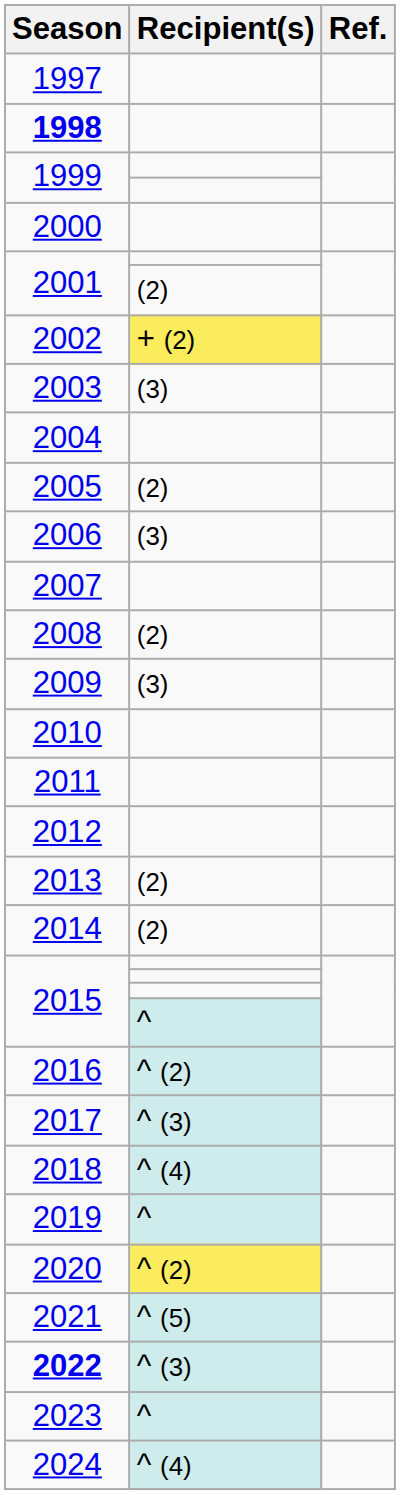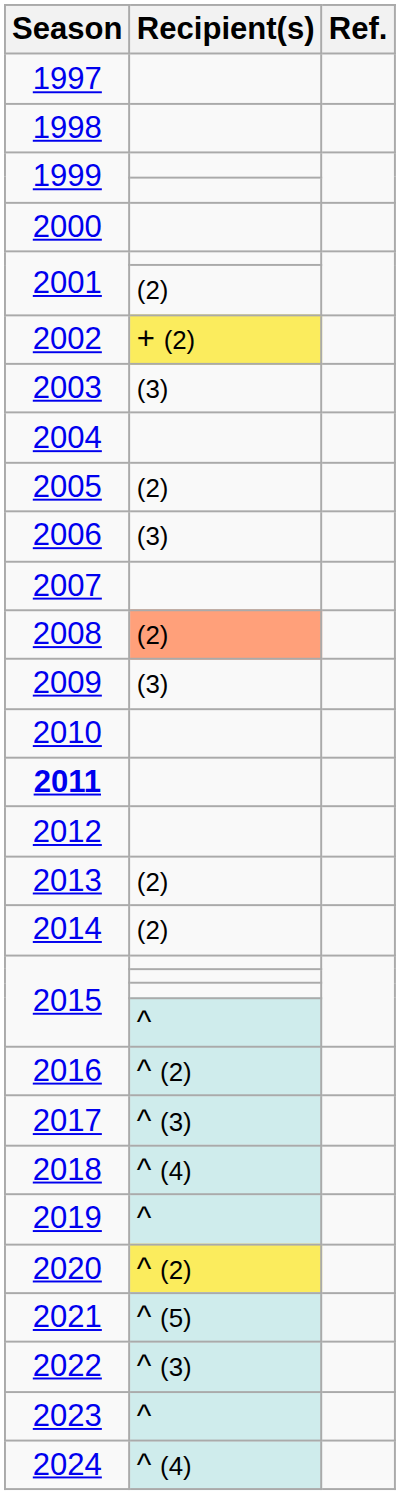 <table class="wikitable sortable" style="text-align:center">
 <tr>
 <th>Season</th>
 <th>Recipient(s)</th>
 <th class=unsortable>Ref.</th>
 </tr>
 <tr>
 <td><a href='#'>1997</a></td>
 <td align=left></td>
 <td></td>
 </tr>
 <tr>
-<td><strong><a href='#'>1998</a></strong></td>
+<td><a href='#'>1998</a></td>
 <td align=left></td>
 <td></td>
 </tr>
 <tr>
 <td rowspan=2><a href='#'>1999</a></td>
 <td align=left></td>
 <td rowspan=2></td>
 </tr>
 <tr>
 <td align=left></td>
 </tr>
 <tr>
 <td><a href='#'>2000</a></td>
 <td align=left></td>
 <td></td>
 </tr>
 <tr>
 <td rowspan=2><a href='#'>2001</a></td>
 <td align=left></td>
 <td rowspan=2></td>
 </tr>
 <tr>
 <td align=left> <small>(2)</small></td>
 </tr>
 <tr>
 <td><a href='#'>2002</a></td>
 <td style="text-align:left; background:#fbec5d;">+ <small>(2)</small></td>
 <td></td>
 </tr>
 <tr>
 <td><a href='#'>2003</a></td>
 <td align=left> <small>(3)</small></td>
 <td></td>
 </tr>
 <tr>
 <td><a href='#'>2004</a></td>
 <td align=left></td>
 <td></td>
 </tr>
 <tr>
 <td><a href='#'>2005</a></td>
 <td align=left> <small>(2)</small></td>
 <td></td>
 </tr>
 <tr>
 <td><a href='#'>2006</a></td>
 <td align=left> <small>(3)</small></td>
 <td></td>
 </tr>
 <tr>
 <td><a href='#'>2007</a></td>
 <td align=left></td>
 <td></td>
 </tr>
 <tr>
 <td><a href='#'>2008</a></td>
-<td align=left> <small>(2)</small></td>
+<td align=left style="background: lightsalmon;"> <small>(2)</small></td>
 <td></td>
 </tr>
 <tr>
 <td><a href='#'>2009</a></td>
 <td align=left> <small>(3)</small></td>
 <td></td>
 </tr>
 <tr>
 <td><a href='#'>2010</a></td>
 <td align=left></td>
 <td></td>
 </tr>
 <tr>
-<td><a href='#'>2011</a></td>
+<td><strong><a href='#'>2011</a></strong></td>
 <td style="text-align:left;"></td>
 <td></td>
 </tr>
 <tr>
 <td><a href='#'>2012</a></td>
 <td align=left></td>
 <td></td>
 </tr>
 <tr>
 <td><a href='#'>2013</a></td>
 <td align=left> <small>(2)</small></td>
 <td></td>
 </tr>
 <tr>
 <td><a href='#'>2014</a></td>
 <td style="text-align:left;"> <small>(2)</small></td>
 <td></td>
 </tr>
 <tr>
 <td rowspan=4><a href='#'>2015</a></td>
 <td style="text-align:left;"></td>
 <td rowspan=4></td>
 </tr>
 <tr>
 <td style="text-align:left;"></td>
 </tr>
 <tr>
 <td style="text-align:left;"></td>
 </tr>
 <tr>
 <td style="text-align:left; background:#cfecec;">^</td>
 </tr>
 <tr>
 <td><a href='#'>2016</a></td>
 <td style="text-align:left; background:#cfecec;">^ <small>(2)</small></td>
 <td></td>
 </tr>
 <tr>
 <td><a href='#'>2017</a></td>
 <td style="text-align:left; background:#cfecec;">^ <small>(3)</small></td>
 <td></td>
 </tr>
 <tr>
 <td><a href='#'>2018</a></td>
 <td style="text-align:left; background:#cfecec;">^ <small>(4)</small></td>
 <td></td>
 </tr>
 <tr>
 <td><a href='#'>2019</a></td>
 <td style="text-align:left; background:#cfecec;">^</td>
 <td></td>
 </tr>
 <tr>
 <td><a href='#'>2020</a></td>
 <td style="text-align:left; background:#fbec5d;">^ <small>(2)</small></td>
 <td></td>
 </tr>
 <tr>
 <td><a href='#'>2021</a></td>
 <td style="text-align:left; background:#cfecec;">^ <small>(5)</small></td>
 <td></td>
 </tr>
 <tr>
-<td><strong><a href='#'>2022</a></strong></td>
+<td><a href='#'>2022</a></td>
 <td style="text-align:left; background:#cfecec;">^ <small>(3)</small></td>
 <td></td>
 </tr>
 <tr>
 <td><a href='#'>2023</a></td>
 <td style="text-align:left; background:#cfecec;">^ <small></small></td>
 <td></td>
 </tr>
 <tr>
 <td><a href='#'>2024</a></td>
 <td style="text-align:left; background:#cfecec;">^ <small>(4)</small></td>
 <td></td>
 </tr>
 </table>
